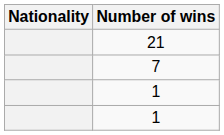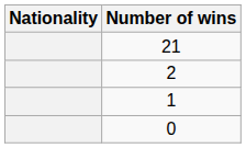 <table class="wikitable plainrowheaders sortable">
 <tr>
 <th scope=col>Nationality</th>
 <th scope=col>Number of wins</th>
 </tr>
 <tr>
 <th scope=row></th>
 <td align=center>21</td>
 </tr>
 <tr>
 <th scope=row></th>
-<td align=center>7</td>
+<td align=center>2</td>
 </tr>
 <tr>
 <th scope=row></th>
 <td align=center>1</td>
 </tr>
 <tr>
 <th scope=row></th>
-<td align=center>1</td>
+<td align=center>0</td>
 </tr>
 </table>
